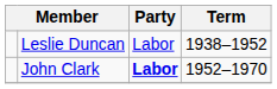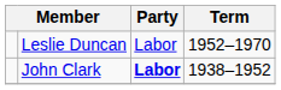 <table class="wikitable">
 <tr>
 <th colspan="2">Member</th>
 <th>Party</th>
 <th>Term</th>
 </tr>
 <tr>
 <td> </td>
 <td><a href='#'>Leslie Duncan</a></td>
 <td><a href='#'>Labor</a></td>
-<td>1938–1952</td>
+<td>1952–1970</td>
 </tr>
 <tr>
 <td> </td>
 <td><a href='#'>John Clark</a></td>
 <td><strong><a href='#'>Labor</a></strong></td>
-<td>1952–1970</td>
+<td>1938–1952</td>
 </tr>
 <tr>
 </tr>
 </table>
